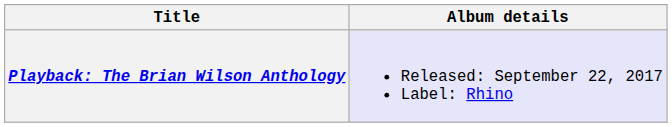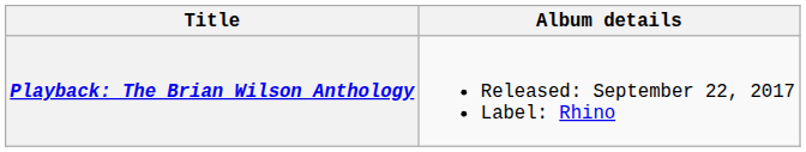 <table class="wikitable plainrowheaders">
 <tr>
 <th scope="col">Title</th>
 <th scope="col">Album details</th>
 </tr>
 <tr>
 <th scope="row"><em><a href='#'>Playback: The Brian Wilson Anthology</a></em></th>
-<td style="background: lavender;"><br><ul><li>Released: September 22, 2017</li><li>Label: <a href='#'>Rhino</a></li></ul></td>
+<td><br><ul><li>Released: September 22, 2017</li><li>Label: <a href='#'>Rhino</a></li></ul></td>
 </tr>
 </table>
